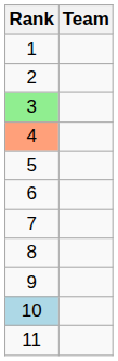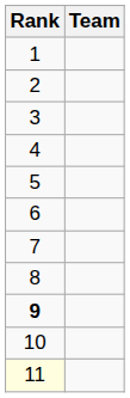 <table class="wikitable" style="text-align:center;">
 <tr>
 <th>Rank</th>
 <th>Team</th>
 </tr>
 <tr>
 <td>1</td>
 <td style="text-align:left"></td>
 </tr>
 <tr>
 <td>2</td>
 <td style="text-align:left"></td>
 </tr>
 <tr>
-<td style="background: lightgreen;">3</td>
+<td>3</td>
 <td style="text-align:left"></td>
 </tr>
 <tr>
-<td style="background: lightsalmon;">4</td>
+<td>4</td>
 <td style="text-align:left"></td>
 </tr>
 <tr>
 <td>5</td>
 <td style="text-align:left"></td>
 </tr>
 <tr>
 <td>6</td>
 <td style="text-align:left"></td>
 </tr>
 <tr>
 <td>7</td>
 <td style="text-align:left"></td>
 </tr>
 <tr>
 <td>8</td>
 <td style="text-align:left"></td>
 </tr>
 <tr>
-<td>9</td>
+<td><strong>9</strong></td>
 <td style="text-align:left"></td>
 </tr>
 <tr>
-<td style="background: lightblue;">10</td>
+<td>10</td>
 <td style="text-align:left"></td>
 </tr>
 <tr>
-<td>11</td>
+<td style="background: lightyellow;">11</td>
 <td style="text-align:left"></td>
 </tr>
 </table>
